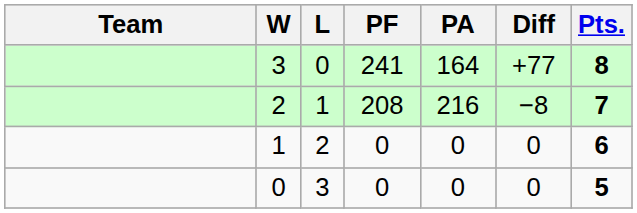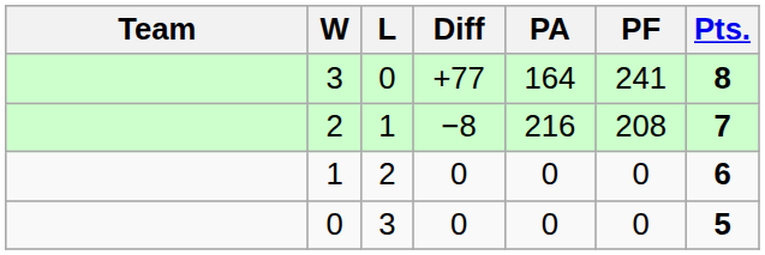 <table class=wikitable>
 <tr align=center>
 <th width=150px>Team</th>
 <th width=20px>W</th>
 <th width=20px>L</th>
+<th width=40px>Diff</th>
+<th width=40px>PA</th>
 <th width=40px>PF</th>
-<th width=40px>PA</th>
-<th width=40px>Diff</th>
 <th width=30px><a href='#'>Pts.</a></th>
 </tr>
 <tr align=center bgcolor="#ccffcc">
 <td align=left></td>
 <td>3</td>
 <td>0</td>
+<td>+77</td>
+<td>164</td>
 <td>241</td>
-<td>164</td>
-<td>+77</td>
 <td><strong>8</strong></td>
 </tr>
 <tr align=center bgcolor="#ccffcc">
 <td align=left></td>
 <td>2</td>
 <td>1</td>
+<td>−8</td>
+<td>216</td>
 <td>208</td>
-<td>216</td>
-<td>−8</td>
 <td><strong>7</strong></td>
 </tr>
 <tr align=center>
 <td align=left></td>
 <td>1</td>
 <td>2</td>
 <td>0</td>
 <td>0</td>
 <td>0</td>
 <td><strong>6</strong></td>
 </tr>
 <tr align=center>
 <td align=left></td>
 <td>0</td>
 <td>3</td>
 <td>0</td>
 <td>0</td>
 <td>0</td>
 <td><strong>5</strong></td>
 </tr>
 </table>
